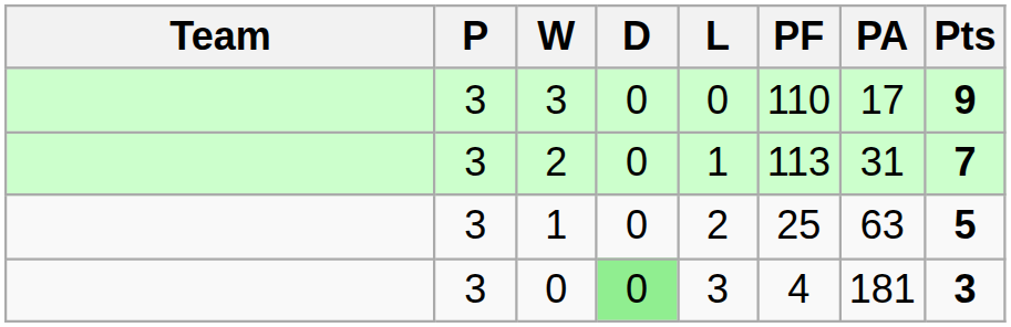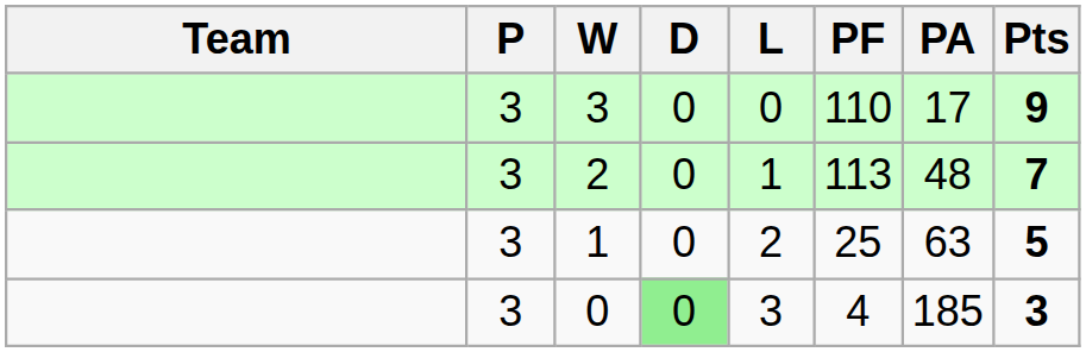 <table class="wikitable" style="text-align:center">
 <tr>
 <th width=165>Team</th>
 <th width=25>P</th>
 <th width=25>W</th>
 <th width=25>D</th>
 <th width=25>L</th>
 <th width=25>PF</th>
 <th width=25>PA</th>
 <th width=25>Pts</th>
 </tr>
 <tr bgcolor=#ccffcc>
 <td align=left></td>
 <td>3</td>
 <td>3</td>
 <td>0</td>
 <td>0</td>
 <td>110</td>
 <td>17</td>
 <td><strong>9</strong></td>
 </tr>
 <tr bgcolor=#ccffcc>
 <td align=left></td>
 <td>3</td>
 <td>2</td>
 <td>0</td>
 <td>1</td>
 <td>113</td>
-<td>31</td>
+<td>48</td>
 <td><strong>7</strong></td>
 </tr>
 <tr>
 <td align=left></td>
 <td>3</td>
 <td>1</td>
 <td>0</td>
 <td>2</td>
 <td>25</td>
 <td>63</td>
 <td><strong>5</strong></td>
 </tr>
 <tr>
 <td align=left></td>
 <td>3</td>
 <td>0</td>
 <td style="background: lightgreen;">0</td>
 <td>3</td>
 <td>4</td>
-<td>181</td>
+<td>185</td>
 <td><strong>3</strong></td>
 </tr>
 </table>
